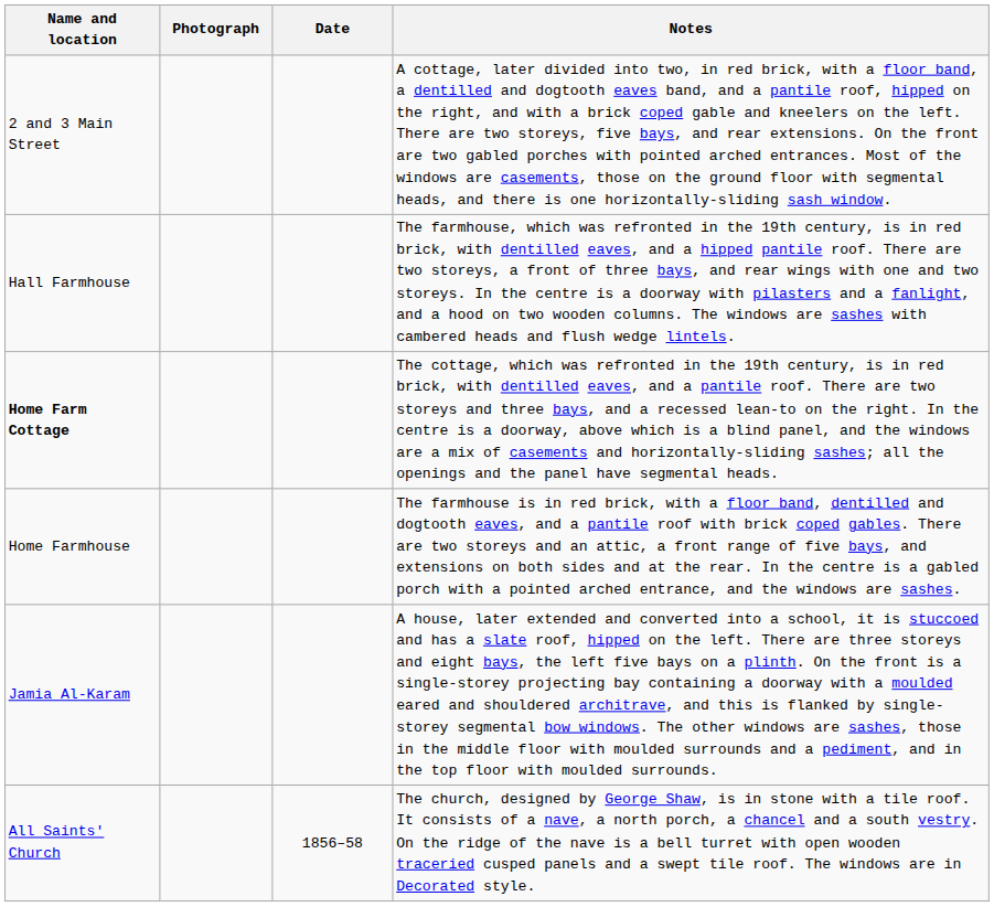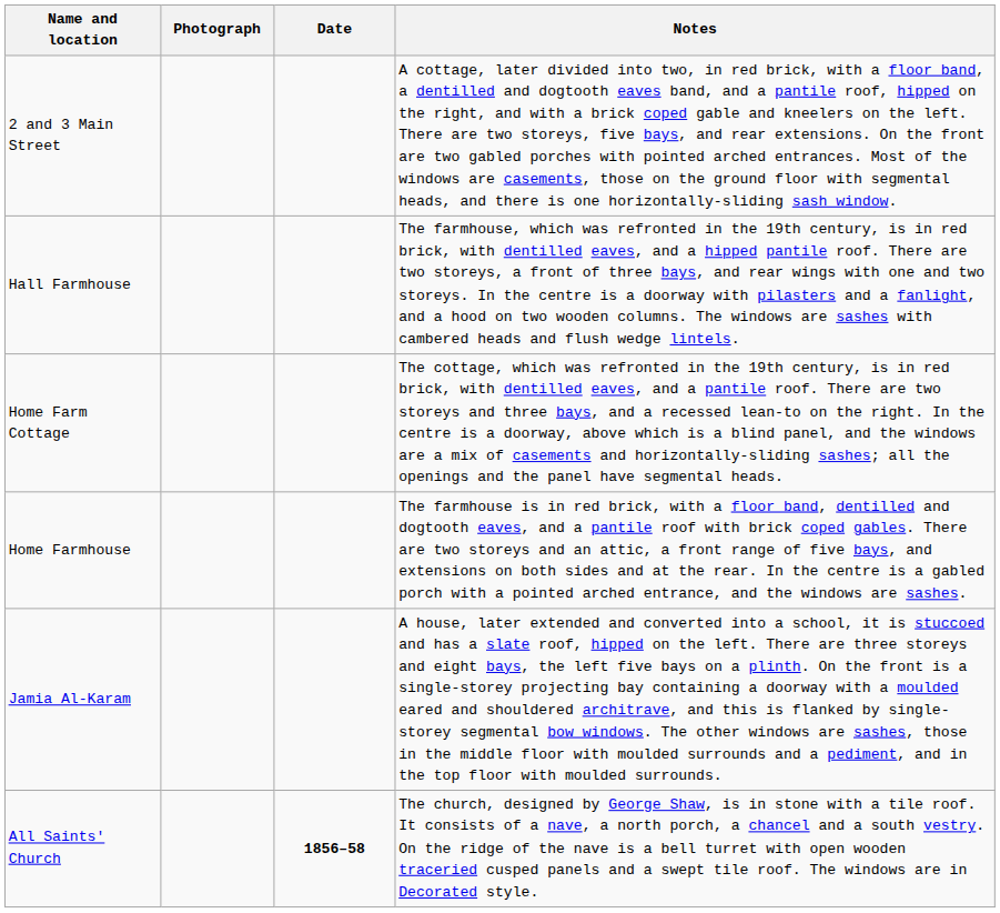 <table class="wikitable sortable plainrowheaders" style="width:100%; border:0px; text-align:left; line-height:150%">
 <tr>
 <th scope="col"  style="width:150px">Name and location</th>
 <th scope="col"  style="width:100px" class="unsortable">Photograph</th>
 <th scope="col"  style="width:120px">Date</th>
 <th scope="col"  style="width:650px" class="unsortable">Notes</th>
 </tr>
 <tr>
 <td>2 and 3 Main Street<br><small></small></td>
 <td></td>
 <td align="center"></td>
 <td>A cottage, later divided into two, in red brick, with a <a href='#'>floor band</a>, a <a href='#'>dentilled</a> and dogtooth <a href='#'>eaves</a> band, and a <a href='#'>pantile</a> roof, <a href='#'>hipped</a> on the right, and with a brick <a href='#'>coped</a> gable and kneelers on the left. There are two storeys, five <a href='#'>bays</a>, and rear extensions. On the front are two gabled porches with pointed arched entrances. Most of the windows are <a href='#'>casements</a>, those on the ground floor with segmental heads, and there is one horizontally-sliding <a href='#'>sash window</a>.</td>
 </tr>
 <tr>
 <td>Hall Farmhouse<br><small></small></td>
 <td></td>
 <td align="center"></td>
 <td>The farmhouse, which was refronted in the 19th century, is in red brick, with <a href='#'>dentilled</a> <a href='#'>eaves</a>, and a <a href='#'>hipped</a> <a href='#'>pantile</a> roof.  There are two storeys, a front of three <a href='#'>bays</a>, and rear wings with one and two storeys.  In the centre is a doorway with <a href='#'>pilasters</a> and a <a href='#'>fanlight</a>, and a hood on two wooden columns.  The windows are <a href='#'>sashes</a> with cambered heads and flush wedge <a href='#'>lintels</a>.</td>
 </tr>
 <tr>
-<td><strong>Home Farm Cottage<br><small></small></strong></td>
+<td>Home Farm Cottage<br><small></small></td>
 <td></td>
 <td align="center"></td>
 <td>The cottage, which was refronted in the 19th century, is in red brick, with <a href='#'>dentilled</a> <a href='#'>eaves</a>, and a <a href='#'>pantile</a> roof.  There are two storeys and three <a href='#'>bays</a>, and a recessed lean-to on the right.  In the centre is a doorway, above which is a blind panel, and the windows are a mix of <a href='#'>casements</a> and horizontally-sliding <a href='#'>sashes</a>; all the openings and the panel have segmental heads.</td>
 </tr>
 <tr>
 <td>Home Farmhouse<br><small></small></td>
 <td></td>
 <td align="center"></td>
 <td>The farmhouse is in red brick, with a <a href='#'>floor band</a>, <a href='#'>dentilled</a> and dogtooth <a href='#'>eaves</a>, and a <a href='#'>pantile</a> roof with brick <a href='#'>coped</a> <a href='#'>gables</a>.  There are two storeys and an attic, a front range of five <a href='#'>bays</a>, and extensions on both sides and at the rear.  In the centre is a gabled porch with a pointed arched entrance, and the windows are <a href='#'>sashes</a>.</td>
 </tr>
 <tr>
 <td><a href='#'>Jamia Al-Karam</a><br><small></small></td>
 <td></td>
 <td align="center"></td>
 <td>A house, later extended and converted into a school, it is <a href='#'>stuccoed</a> and has a <a href='#'>slate</a> roof, <a href='#'>hipped</a> on the left.  There are three storeys and eight <a href='#'>bays</a>, the left five bays on a <a href='#'>plinth</a>.  On the front is a single-storey projecting bay containing a doorway with a <a href='#'>moulded</a> eared and shouldered <a href='#'>architrave</a>, and this is flanked by single-storey segmental <a href='#'>bow windows</a>.  The other windows are <a href='#'>sashes</a>, those in the middle floor with moulded surrounds and a <a href='#'>pediment</a>, and in the top floor with moulded surrounds.</td>
 </tr>
 <tr>
 <td><a href='#'>All Saints' Church</a><br><small></small></td>
 <td></td>
-<td align="center">1856–58</td>
+<td align="center"><strong>1856–58</strong></td>
 <td>The church, designed by <a href='#'>George Shaw</a>, is in stone with a tile roof.  It consists of a <a href='#'>nave</a>, a north porch, a <a href='#'>chancel</a> and a south <a href='#'>vestry</a>.  On the ridge of the nave is a bell turret with open wooden <a href='#'>traceried</a> cusped panels and a swept tile roof.  The windows are in <a href='#'>Decorated</a> style.</td>
 </tr>
 <tr>
 </tr>
 </table>
